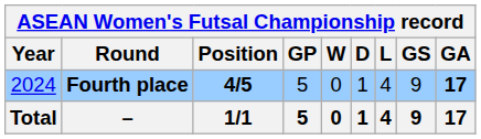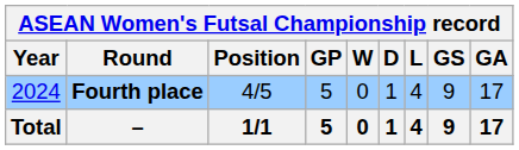 <table class="wikitable" style="text-align: center;font-size:90%;">
 <tr>
 <th colspan=9><a href='#'>ASEAN Women's Futsal Championship</a> record</th>
 </tr>
 <tr>
 <th>Year</th>
 <th>Round</th>
 <th>Position</th>
 <th>GP</th>
 <th>W</th>
 <th>D</th>
 <th>L</th>
 <th>GS</th>
 <th>GA</th>
 </tr>
 <tr bgcolor=#9acdff>
 <td> <a href='#'>2024</a></td>
 <td><strong>Fourth place</strong></td>
-<td><strong>4/5</strong></td>
+<td>4/5</td>
 <td>5</td>
 <td>0</td>
 <td>1</td>
 <td>4</td>
 <td>9</td>
-<td><strong>17</strong></td>
+<td>17</td>
 </tr>
 <tr>
 <th><strong>Total</strong></th>
 <th>–</th>
 <th><strong>1/1</strong></th>
 <th><strong>5</strong></th>
 <th><strong>0</strong></th>
 <th><strong>1</strong></th>
 <th><strong>4</strong></th>
 <th><strong>9</strong></th>
 <th><strong>17</strong></th>
 </tr>
 </table>
